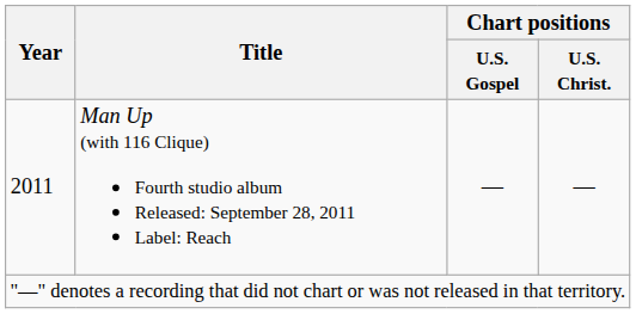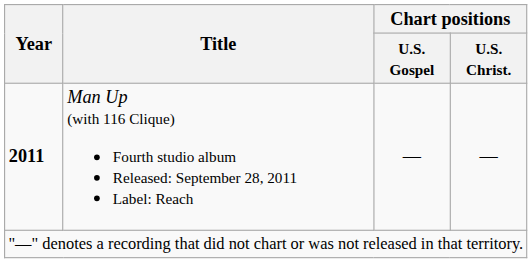 <table class="wikitable">
 <tr>
 <th rowspan="2">Year</th>
 <th rowspan="2">Title</th>
 <th colspan="2">Chart positions</th>
 </tr>
 <tr>
 <th style="width:60px;"><small>U.S. Gospel</small></th>
 <th style="width:60px;"><small>U.S. Christ.</small></th>
 </tr>
 <tr>
-<td>2011</td>
+<td><strong>2011</strong></td>
 <td><em>Man Up</em><br><small>(with 116 Clique)</small><br><ul><li><small>Fourth studio album</small></li><li><small>Released: September 28, 2011</small></li><li><small>Label: Reach</small></li></ul></td>
 <td style="text-align:center;">—</td>
 <td style="text-align:center;">—</td>
 </tr>
 <tr>
 <td colspan="15" style="font-size:90%">"—" denotes a recording that did not chart or was not released in that territory.</td>
 </tr>
 </table>
